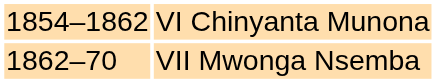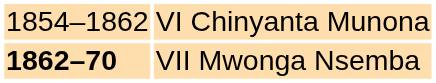 <table align="right" style="margin:1em">
 <tr style="background:#ffdead;">
 <td>1854–1862</td>
 <td>VI Chinyanta Munona</td>
 </tr>
 <tr style="background:#ffdead;">
-<td>1862–70</td>
+<td><strong>1862–70</strong></td>
 <td>VII Mwonga Nsemba</td>
 </tr>
 </table>
